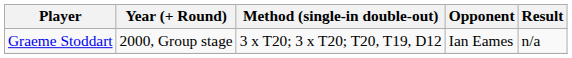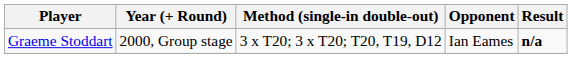 <table class="wikitable sortable">
 <tr>
 <th>Player</th>
 <th>Year (+ Round)</th>
 <th>Method (single-in double-out)</th>
 <th>Opponent</th>
 <th>Result</th>
 </tr>
 <tr>
 <td> <a href='#'>Graeme Stoddart</a></td>
 <td>2000, Group stage</td>
 <td>3 x T20; 3 x T20; T20, T19, D12</td>
 <td> Ian Eames</td>
-<td>n/a</td>
+<td><strong>n/a</strong></td>
 </tr>
 <tr>
 </tr>
 </table>
